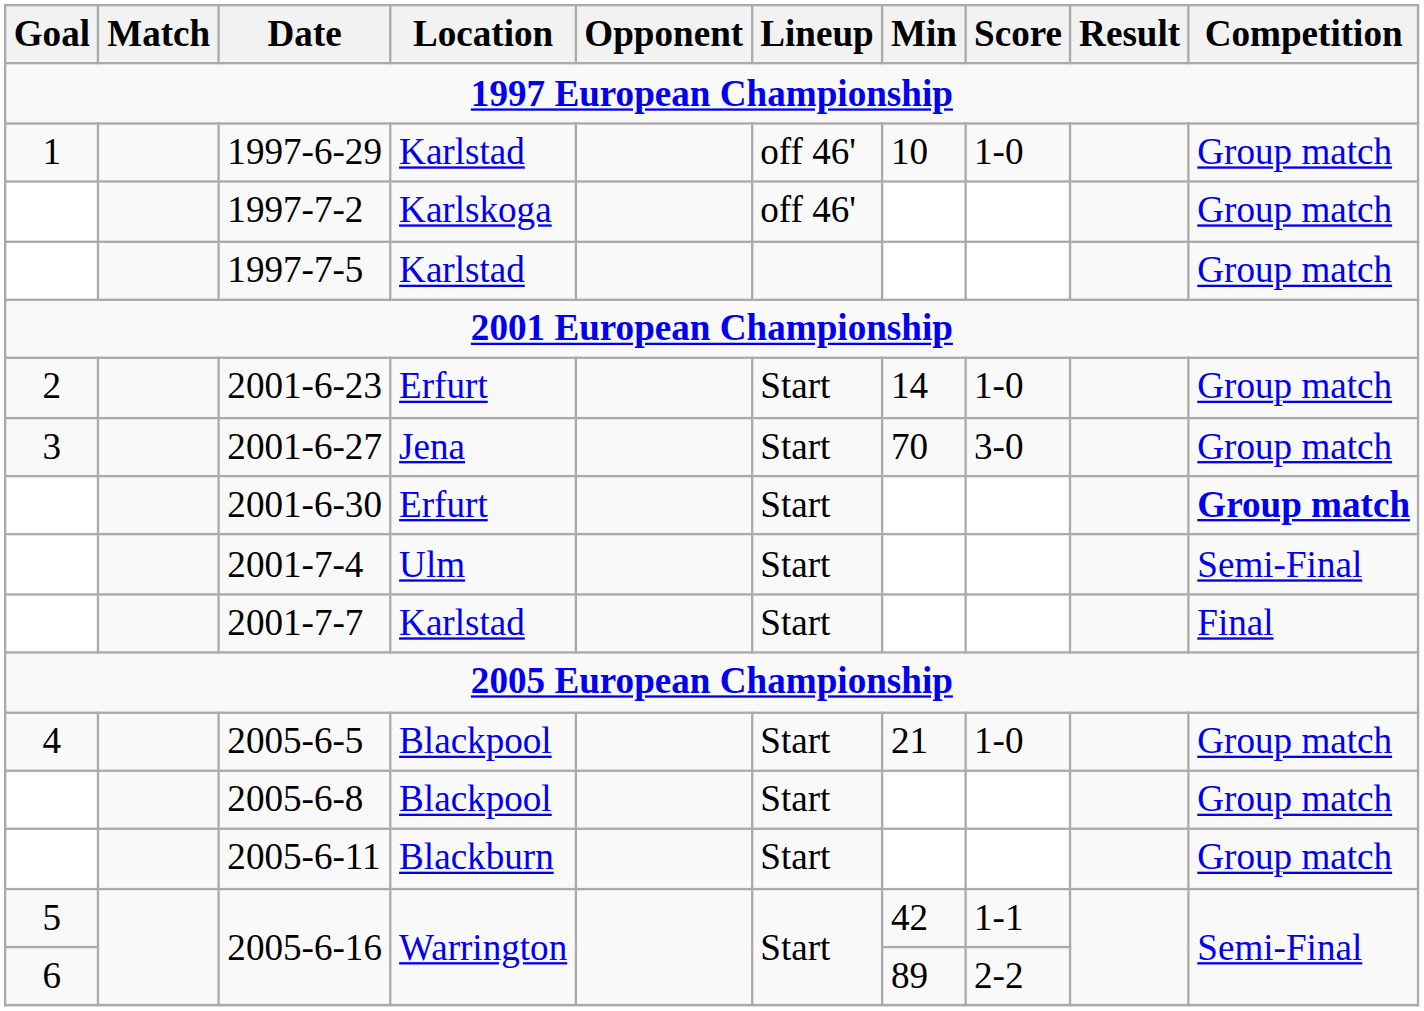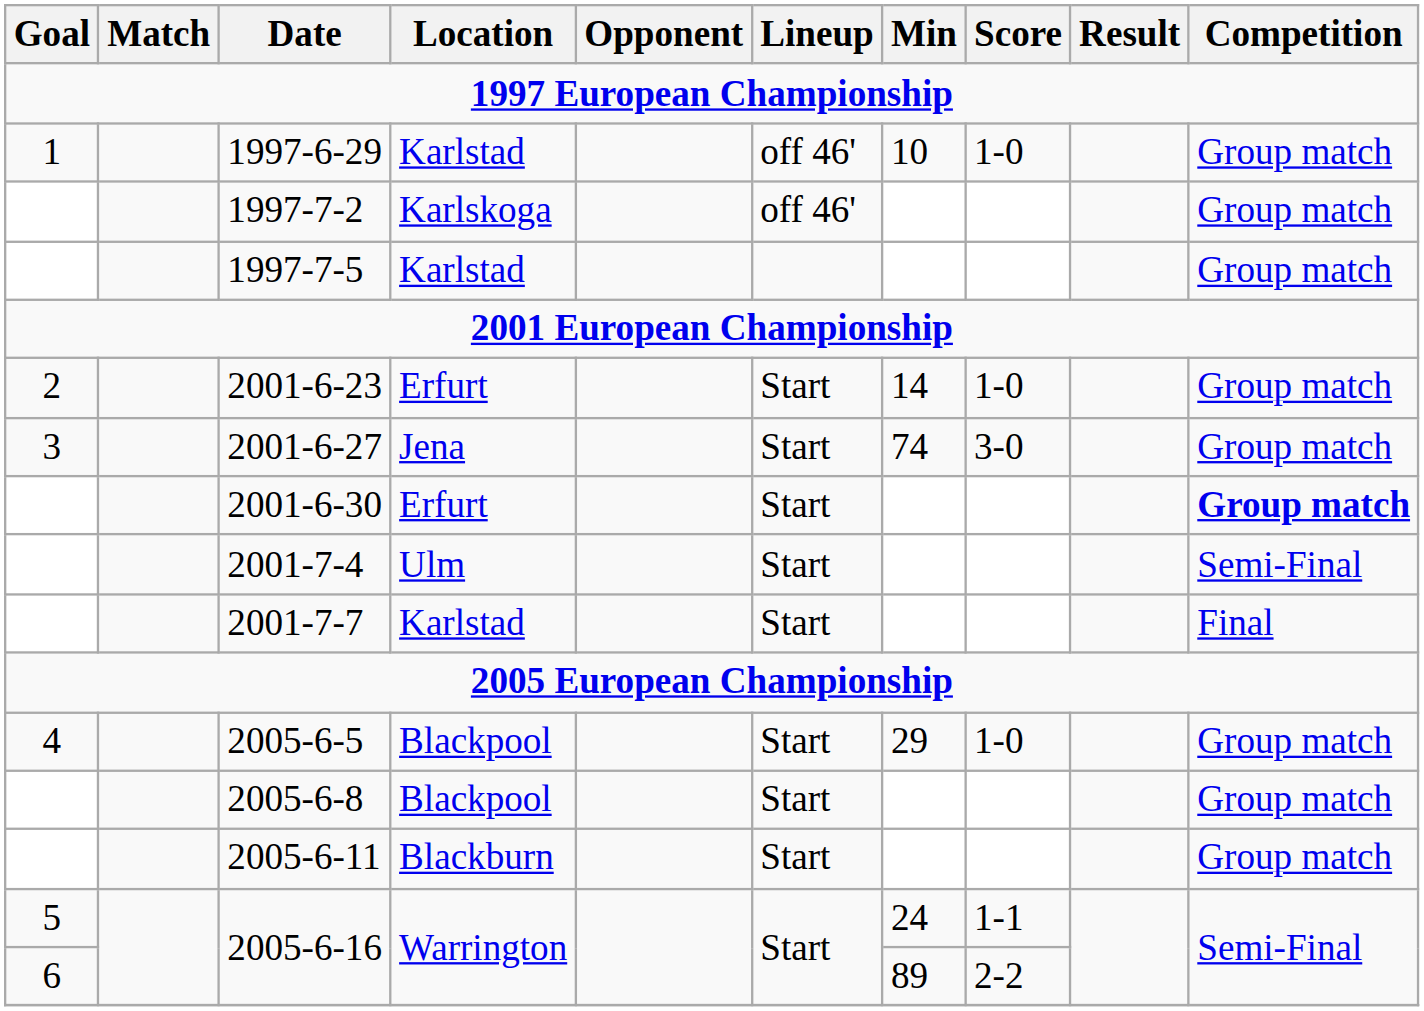 <table class="wikitable collapsible" style="fontsize:90%;">
 <tr>
 <th>Goal</th>
 <th>Match</th>
 <th>Date</th>
 <th>Location</th>
 <th>Opponent</th>
 <th>Lineup</th>
 <th>Min</th>
 <th>Score</th>
 <th>Result</th>
 <th>Competition</th>
 </tr>
 <tr>
 <td colspan=10 align=center> <strong><a href='#'>1997 European Championship</a></strong></td>
 </tr>
 <tr>
 <td align=center>1</td>
 <td></td>
 <td>1997-6-29</td>
 <td><a href='#'>Karlstad</a></td>
 <td></td>
 <td>off 46'</td>
 <td>10</td>
 <td>1-0</td>
 <td></td>
 <td><a href='#'>Group match</a></td>
 </tr>
 <tr>
 <td style="background:white;"></td>
 <td></td>
 <td>1997-7-2</td>
 <td><a href='#'>Karlskoga</a></td>
 <td></td>
 <td>off 46'</td>
 <td style="background:white;"></td>
 <td style="background:white;"></td>
 <td></td>
 <td><a href='#'>Group match</a></td>
 </tr>
 <tr>
 <td style="background:white;"></td>
 <td></td>
 <td>1997-7-5</td>
 <td><a href='#'>Karlstad</a></td>
 <td></td>
 <td></td>
 <td style="background:white;"></td>
 <td style="background:white;"></td>
 <td></td>
 <td><a href='#'>Group match</a></td>
 </tr>
 <tr>
 <td colspan=10 align=center> <strong><a href='#'>2001 European Championship</a></strong></td>
 </tr>
 <tr>
 <td align=center>2</td>
 <td></td>
 <td>2001-6-23</td>
 <td><a href='#'>Erfurt</a></td>
 <td></td>
 <td>Start</td>
 <td>14</td>
 <td>1-0</td>
 <td></td>
 <td><a href='#'>Group match</a></td>
 </tr>
 <tr>
 <td align=center>3</td>
 <td></td>
 <td>2001-6-27</td>
 <td><a href='#'>Jena</a></td>
 <td></td>
 <td>Start</td>
-<td>70</td>
+<td>74</td>
 <td>3-0</td>
 <td></td>
 <td><a href='#'>Group match</a></td>
 </tr>
 <tr>
 <td style="background:white;"></td>
 <td></td>
 <td>2001-6-30</td>
 <td><a href='#'>Erfurt</a></td>
 <td></td>
 <td>Start</td>
 <td style="background:white;"></td>
 <td style="background:white;"></td>
 <td></td>
 <td><strong><a href='#'>Group match</a></strong></td>
 </tr>
 <tr>
 <td style="background:white;"></td>
 <td></td>
 <td>2001-7-4</td>
 <td><a href='#'>Ulm</a></td>
 <td></td>
 <td>Start</td>
 <td style="background:white;"></td>
 <td style="background:white;"></td>
 <td></td>
 <td><a href='#'>Semi-Final</a></td>
 </tr>
 <tr>
 <td style="background:white;"></td>
 <td></td>
 <td>2001-7-7</td>
 <td><a href='#'>Karlstad</a></td>
 <td></td>
 <td>Start</td>
 <td style="background:white;"></td>
 <td style="background:white;"></td>
 <td></td>
 <td><a href='#'>Final</a></td>
 </tr>
 <tr>
 <td colspan=10 align=center> <strong><a href='#'>2005 European Championship</a></strong></td>
 </tr>
 <tr>
 <td align=center>4</td>
 <td></td>
 <td>2005-6-5</td>
 <td><a href='#'>Blackpool</a></td>
 <td></td>
 <td>Start</td>
-<td>21</td>
+<td>29</td>
 <td>1-0</td>
 <td></td>
 <td><a href='#'>Group match</a></td>
 </tr>
 <tr>
 <td style="background:white;"></td>
 <td></td>
 <td>2005-6-8</td>
 <td><a href='#'>Blackpool</a></td>
 <td></td>
 <td>Start</td>
 <td style="background:white;"></td>
 <td style="background:white;"></td>
 <td></td>
 <td><a href='#'>Group match</a></td>
 </tr>
 <tr>
 <td style="background:white;"></td>
 <td></td>
 <td>2005-6-11</td>
 <td><a href='#'>Blackburn</a></td>
 <td></td>
 <td>Start</td>
 <td style="background:white;"></td>
 <td style="background:white;"></td>
 <td></td>
 <td><a href='#'>Group match</a></td>
 </tr>
 <tr>
 <td align=center>5</td>
 <td align=center rowspan=2></td>
 <td rowspan=2>2005-6-16</td>
 <td rowspan=2><a href='#'>Warrington</a></td>
 <td rowspan=2></td>
 <td rowspan=2>Start</td>
-<td>42</td>
+<td>24</td>
 <td>1-1</td>
 <td rowspan=2></td>
 <td rowspan=2><a href='#'>Semi-Final</a></td>
 </tr>
 <tr>
 <td align=center>6</td>
 <td>89</td>
 <td>2-2</td>
 </tr>
 <tr>
 </tr>
 </table>
